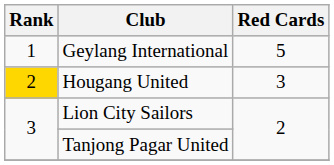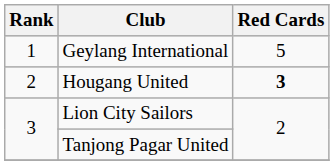 <table class="wikitable plainrowheaders sortable" style="font-size:80%">
 <tr>
 <th>Rank</th>
 <th>Club</th>
 <th>Red Cards</th>
 </tr>
 <tr>
 <td align="center" rowspan="1">1</td>
 <td>Geylang International</td>
 <td align="center" rowspan="1">5</td>
 </tr>
 <tr>
-<td align="center" rowspan="1" style="background: gold;">2</td>
+<td align="center" rowspan="1">2</td>
 <td>Hougang United</td>
-<td align="center" rowspan="1">3</td>
+<td align="center" rowspan="1"><strong>3</strong></td>
 </tr>
 <tr>
 <td align="center" rowspan="2">3</td>
 <td>Lion City Sailors</td>
 <td align="center" rowspan="2">2</td>
 </tr>
 <tr>
 <td>Tanjong Pagar United</td>
 </tr>
 <tr>
 </tr>
 </table>
